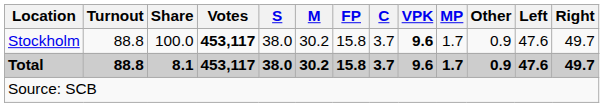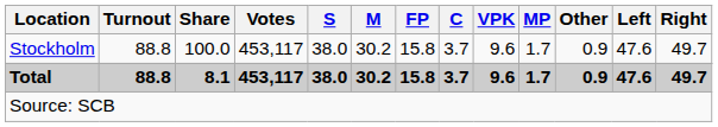 <table class="wikitable sortable" style=text-align:right>
 <tr>
 <th>Location</th>
 <th>Turnout</th>
 <th>Share</th>
 <th>Votes</th>
 <th><a href='#'>S</a></th>
 <th><a href='#'>M</a></th>
 <th><a href='#'>FP</a></th>
 <th><a href='#'>C</a></th>
 <th><a href='#'>VPK</a></th>
 <th><a href='#'>MP</a></th>
 <th>Other</th>
 <th>Left</th>
 <th>Right</th>
 </tr>
 <tr>
 <td align=left><a href='#'>Stockholm</a></td>
 <td>88.8</td>
 <td>100.0</td>
-<td><strong>453,117</strong></td>
+<td>453,117</td>
 <td>38.0</td>
 <td>30.2</td>
 <td>15.8</td>
 <td>3.7</td>
-<td><strong>9.6</strong></td>
+<td>9.6</td>
 <td>1.7</td>
 <td>0.9</td>
 <td>47.6</td>
 <td>49.7</td>
 </tr>
 <tr>
 </tr>
 <tr style="background:#CDCDCD;">
 <td align=left><strong>Total</strong></td>
 <td><strong>88.8</strong></td>
 <td><strong>8.1</strong></td>
 <td><strong>453,117</strong></td>
 <td><strong>38.0</strong></td>
 <td><strong>30.2</strong></td>
 <td><strong>15.8</strong></td>
 <td><strong>3.7</strong></td>
 <td><strong>9.6</strong></td>
 <td><strong>1.7</strong></td>
 <td><strong>0.9</strong></td>
 <td><strong>47.6</strong></td>
 <td><strong>49.7</strong></td>
 </tr>
 <tr>
 <td align=left colspan=13>Source: SCB </td>
 </tr>
 </table>
